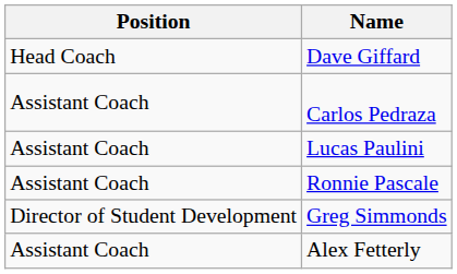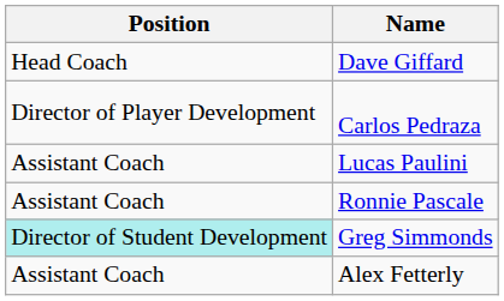 <table class= wikitable>
 <tr>
 <th width=px>Position</th>
 <th width=px>Name</th>
 </tr>
 <tr>
 <td>Head Coach</td>
 <td> <a href='#'>Dave Giffard</a></td>
 </tr>
 <tr>
-<td>Assistant Coach</td>
+<td>Director of Player Development</td>
 <td><br><a href='#'>Carlos Pedraza</a></td>
 </tr>
 <tr>
 <td>Assistant Coach</td>
 <td> <a href='#'>Lucas Paulini</a></td>
 </tr>
 <tr>
 <td>Assistant Coach</td>
 <td> <a href='#'>Ronnie Pascale</a></td>
 </tr>
 <tr>
-<td>Director of Student Development</td>
+<td style="background: paleturquoise;">Director of Student Development</td>
 <td> <a href='#'>Greg Simmonds</a></td>
 </tr>
 <tr>
 <td>Assistant Coach</td>
 <td> Alex Fetterly</td>
 </tr>
 </table>
